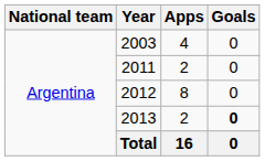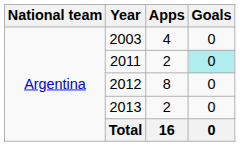 <table class="wikitable" style="text-align:center">
 <tr>
 <th>National team</th>
 <th>Year</th>
 <th>Apps</th>
 <th>Goals</th>
 </tr>
 <tr>
 <td rowspan="5"><a href='#'>Argentina</a></td>
 <td>2003</td>
 <td>4</td>
 <td>0</td>
 </tr>
 <tr>
 <td>2011</td>
 <td>2</td>
-<td>0</td>
+<td style="background: paleturquoise;">0</td>
 </tr>
 <tr>
 <td>2012</td>
 <td>8</td>
 <td>0</td>
 </tr>
 <tr>
 <td>2013</td>
 <td>2</td>
-<td><strong>0</strong></td>
+<td>0</td>
 </tr>
 <tr>
 <th>Total</th>
 <th>16</th>
 <th>0</th>
 </tr>
 </table>
